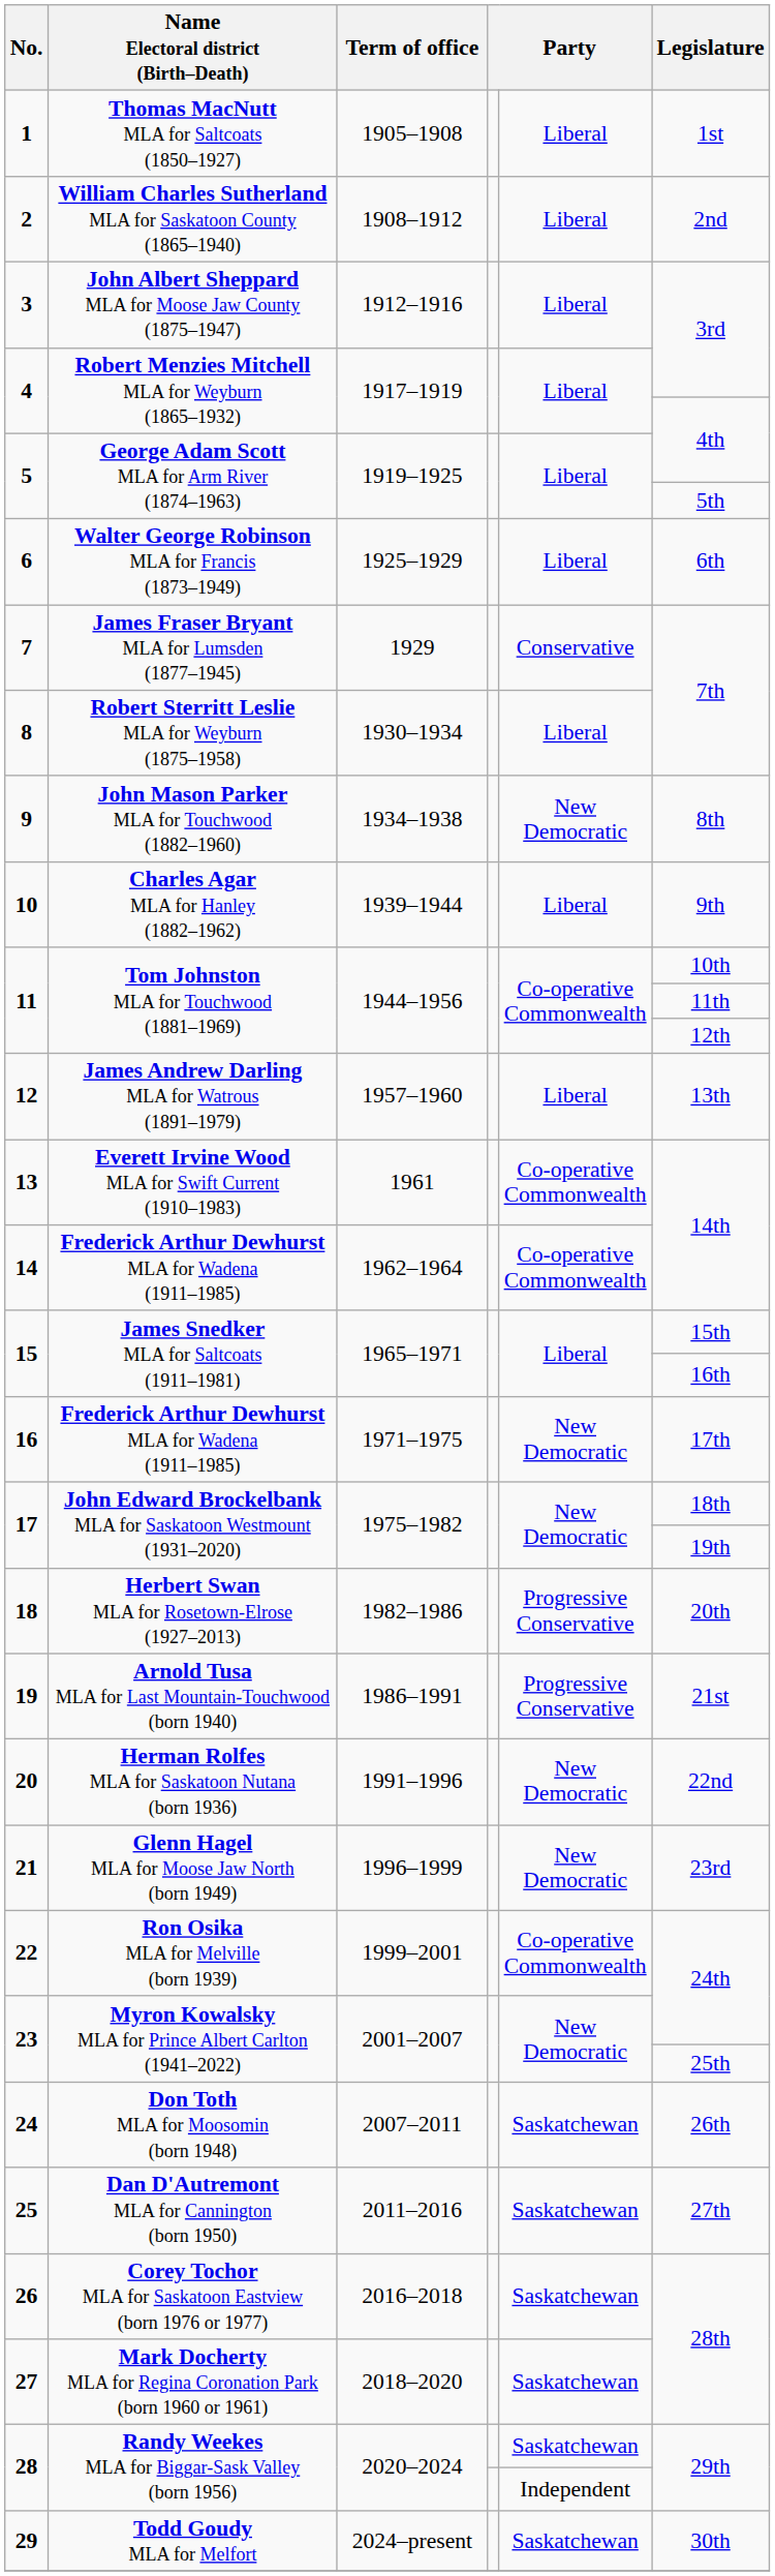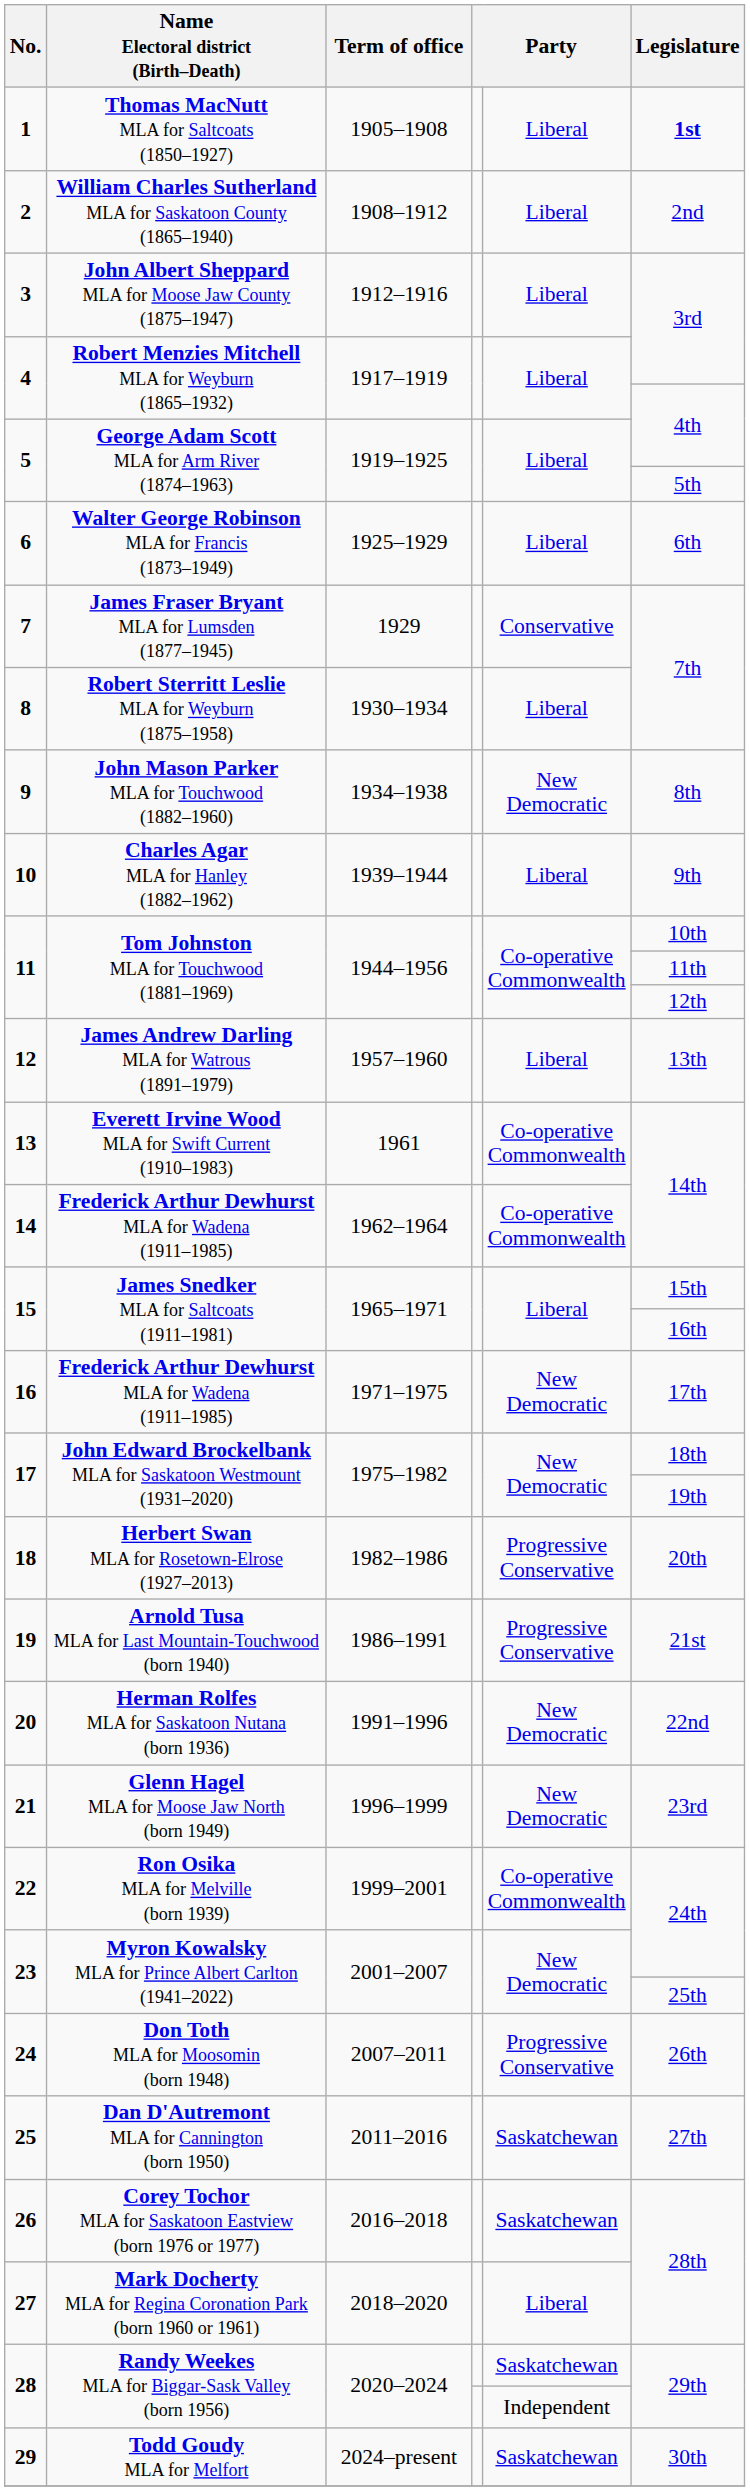 <table class="wikitable" style="text-align:center">
 <tr>
 <th>No.</th>
 <th scope="col" width="200px">Name<br><small>Electoral district<br>(Birth–Death)</small></th>
 <th scope="col" width="100px">Term of office</th>
 <th colspan="2">Party</th>
 <th>Legislature</th>
 </tr>
 <tr>
 <td><strong>1</strong></td>
 <td><strong><a href='#'>Thomas MacNutt</a></strong><br><small>MLA for <a href='#'>Saltcoats</a></small><br><small>(1850–1927)</small></td>
 <td>1905–1908</td>
 <td style="width:1px; background:"></td>
 <td width="100px"><a href='#'>Liberal</a></td>
-<td><a href='#'>1st</a></td>
+<td><strong><a href='#'>1st</a></strong></td>
 </tr>
 <tr>
 <td><strong>2</strong></td>
 <td><strong><a href='#'>William Charles Sutherland</a></strong><br><small>MLA for <a href='#'>Saskatoon County</a></small><br><small>(1865–1940)</small></td>
 <td>1908–1912</td>
 <td style="width:1px; background:"></td>
 <td><a href='#'>Liberal</a></td>
 <td><a href='#'>2nd</a></td>
 </tr>
 <tr>
 <td><strong>3</strong></td>
 <td><strong><a href='#'>John Albert Sheppard</a></strong><br><small>MLA for <a href='#'>Moose Jaw County</a></small><br><small>(1875–1947)</small></td>
 <td>1912–1916</td>
 <td style="width:1px; background:"></td>
 <td><a href='#'>Liberal</a></td>
 <td rowspan="2"><a href='#'>3rd</a></td>
 </tr>
 <tr style="height:35px">
 <td rowspan="2"><strong>4</strong></td>
 <td rowspan="2"><strong><a href='#'>Robert Menzies Mitchell</a></strong><br><small>MLA for <a href='#'>Weyburn</a></small><br><small>(1865–1932)</small></td>
 <td rowspan="2">1917–1919</td>
 <td rowspan="2" style="width:1px; background:"></td>
 <td rowspan="2"><a href='#'>Liberal</a></td>
 </tr>
 <tr>
 <td rowspan="2"><a href='#'>4th</a></td>
 </tr>
 <tr style="height:35px">
 <td rowspan="2"><strong>5</strong></td>
 <td rowspan="2"><strong><a href='#'>George Adam Scott</a></strong><br><small>MLA for <a href='#'>Arm River</a></small><br><small>(1874–1963)</small></td>
 <td rowspan="2">1919–1925</td>
 <td rowspan="2" style="width:1px; background:"></td>
 <td rowspan="2"><a href='#'>Liberal</a></td>
 </tr>
 <tr>
 <td><a href='#'>5th</a></td>
 </tr>
 <tr>
 <td><strong>6</strong></td>
 <td><strong><a href='#'>Walter George Robinson</a></strong><br><small>MLA for <a href='#'>Francis</a></small><br><small>(1873–1949)</small></td>
 <td>1925–1929</td>
 <td style="width:1px; background:"></td>
 <td><a href='#'>Liberal</a></td>
 <td><a href='#'>6th</a></td>
 </tr>
 <tr>
 <td><strong>7</strong></td>
 <td><strong><a href='#'>James Fraser Bryant</a></strong><br><small>MLA for <a href='#'>Lumsden</a></small><br><small>(1877–1945)</small></td>
 <td>1929</td>
 <td style="width:1px; background:"></td>
 <td><a href='#'>Conservative</a></td>
 <td rowspan="2"><a href='#'>7th</a></td>
 </tr>
 <tr>
 <td><strong>8</strong></td>
 <td><strong><a href='#'>Robert Sterritt Leslie</a></strong><br><small>MLA for <a href='#'>Weyburn</a></small><br><small>(1875–1958)</small></td>
 <td>1930–1934</td>
 <td style="width:1px; background:"></td>
 <td><a href='#'>Liberal</a></td>
 </tr>
 <tr>
 <td><strong>9</strong></td>
 <td><a href='#'><strong>John Mason Parker</strong></a><br><small>MLA for <a href='#'>Touchwood</a></small><br><small>(1882–1960)</small></td>
 <td>1934–1938</td>
 <td style="width:1px; background:"></td>
 <td><a href='#'>New Democratic</a></td>
 <td><a href='#'>8th</a></td>
 </tr>
 <tr>
 <td><strong>10</strong></td>
 <td><a href='#'><strong>Charles Agar</strong></a><br><small>MLA for <a href='#'>Hanley</a></small><br><small>(1882–1962)</small></td>
 <td>1939–1944</td>
 <td style="width:1px; background:"></td>
 <td><a href='#'>Liberal</a></td>
 <td><a href='#'>9th</a></td>
 </tr>
 <tr>
 <td rowspan="3"><strong>11</strong></td>
 <td rowspan="3"><a href='#'><strong>Tom Johnston</strong></a><br><small>MLA for <a href='#'>Touchwood</a></small><br><small>(1881–1969)</small></td>
 <td rowspan="3">1944–1956</td>
 <td rowspan="3" style="width:1px; background:"></td>
 <td rowspan="3"><a href='#'>Co-operative Commonwealth</a></td>
 <td><a href='#'>10th</a></td>
 </tr>
 <tr>
 <td><a href='#'>11th</a></td>
 </tr>
 <tr>
 <td><a href='#'>12th</a></td>
 </tr>
 <tr>
 <td><strong>12</strong></td>
 <td><strong><a href='#'>James Andrew Darling</a></strong><br><small>MLA for <a href='#'>Watrous</a></small><br><small>(1891–1979)</small></td>
 <td>1957–1960</td>
 <td style="width:1px; background:"></td>
 <td><a href='#'>Liberal</a></td>
 <td><a href='#'>13th</a></td>
 </tr>
 <tr>
 <td><strong>13</strong></td>
 <td><strong><a href='#'>Everett Irvine Wood</a></strong><br><small>MLA for <a href='#'>Swift Current</a></small><br><small>(1910–1983)</small></td>
 <td>1961</td>
 <td style="width:1px; background:"></td>
 <td><a href='#'>Co-operative Commonwealth</a></td>
 <td rowspan="2"><a href='#'>14th</a></td>
 </tr>
 <tr>
 <td><strong>14</strong></td>
 <td><strong><a href='#'>Frederick Arthur Dewhurst</a></strong><br><small>MLA for <a href='#'>Wadena</a></small><br><small>(1911–1985)</small></td>
 <td>1962–1964</td>
 <td style="width:1px; background:"></td>
 <td><a href='#'>Co-operative Commonwealth</a></td>
 </tr>
 <tr>
 <td rowspan="2"><strong>15</strong></td>
 <td rowspan="2"><strong><a href='#'>James Snedker</a></strong><br><small>MLA for <a href='#'>Saltcoats</a></small><br><small>(1911–1981)</small></td>
 <td rowspan="2">1965–1971</td>
 <td rowspan="2" style="width:1px; background:"></td>
 <td rowspan="2"><a href='#'>Liberal</a></td>
 <td><a href='#'>15th</a></td>
 </tr>
 <tr>
 <td><a href='#'>16th</a></td>
 </tr>
 <tr>
 <td><strong>16</strong></td>
 <td><strong><a href='#'>Frederick Arthur Dewhurst</a></strong><br><small>MLA for <a href='#'>Wadena</a></small><br><small>(1911–1985)</small></td>
 <td>1971–1975</td>
 <td style="width:1px; background:"></td>
 <td><a href='#'>New Democratic</a></td>
 <td><a href='#'>17th</a></td>
 </tr>
 <tr>
 <td rowspan="2"><strong>17</strong></td>
 <td rowspan="2"><strong><a href='#'>John Edward Brockelbank</a></strong><br><small>MLA for <a href='#'>Saskatoon Westmount</a></small><br><small>(1931–2020)</small></td>
 <td rowspan="2">1975–1982</td>
 <td rowspan="2" style="width:1px; background:"></td>
 <td rowspan="2"><a href='#'>New Democratic</a></td>
 <td><a href='#'>18th</a></td>
 </tr>
 <tr>
 <td><a href='#'>19th</a></td>
 </tr>
 <tr>
 <td><strong>18</strong></td>
 <td><a href='#'><strong>Herbert Swan</strong></a><br><small>MLA for <a href='#'>Rosetown-Elrose</a></small><br><small>(1927–2013)</small></td>
 <td>1982–1986</td>
 <td style="width:1px; background:"></td>
 <td><a href='#'>Progressive Conservative</a></td>
 <td><a href='#'>20th</a></td>
 </tr>
 <tr>
 <td><strong>19</strong></td>
 <td><strong><a href='#'>Arnold Tusa</a></strong><br><small>MLA for <a href='#'>Last Mountain-Touchwood</a></small><br><small>(born 1940)</small></td>
 <td>1986–1991</td>
 <td style="width:1px; background:"></td>
 <td><a href='#'>Progressive Conservative</a></td>
 <td><a href='#'>21st</a></td>
 </tr>
 <tr>
 <td><strong>20</strong></td>
 <td><strong><a href='#'>Herman Rolfes</a></strong><br><small>MLA for <a href='#'>Saskatoon Nutana</a></small><br><small>(born 1936)</small></td>
 <td>1991–1996</td>
 <td style="width:1px; background:"></td>
 <td><a href='#'>New Democratic</a></td>
 <td><a href='#'>22nd</a></td>
 </tr>
 <tr>
 <td><strong>21</strong></td>
 <td><strong><a href='#'>Glenn Hagel</a></strong><br><small>MLA for <a href='#'>Moose Jaw North</a></small><br><small>(born 1949)</small></td>
 <td>1996–1999</td>
 <td style="width:1px; background:"></td>
 <td><a href='#'>New Democratic</a></td>
 <td><a href='#'>23rd</a></td>
 </tr>
 <tr>
 <td><strong>22</strong></td>
 <td><strong><a href='#'>Ron Osika</a></strong><br><small>MLA for <a href='#'>Melville</a></small><br><small>(born 1939)</small></td>
 <td>1999–2001</td>
 <td style="width:1px; background:"></td>
 <td><a href='#'>Co-operative Commonwealth</a></td>
 <td rowspan="2"><a href='#'>24th</a></td>
 </tr>
 <tr style="height:35px">
 <td rowspan="2"><strong>23</strong></td>
 <td rowspan="2"><strong><a href='#'>Myron Kowalsky</a></strong><br><small>MLA for <a href='#'>Prince Albert Carlton</a></small><br><small>(1941–2022)</small></td>
 <td rowspan="2">2001–2007</td>
 <td rowspan="2" style="width:1px; background:"></td>
 <td rowspan="2"><a href='#'>New Democratic</a></td>
 </tr>
 <tr>
 <td><a href='#'>25th</a></td>
 </tr>
 <tr>
 <td><strong>24</strong></td>
 <td><strong><a href='#'>Don Toth</a></strong><br><small>MLA for <a href='#'>Moosomin</a></small><br><small>(born 1948)</small></td>
 <td>2007–2011</td>
 <td style="width:1px; background:"></td>
-<td><a href='#'>Saskatchewan</a></td>
+<td><a href='#'>Progressive Conservative</a></td>
 <td><a href='#'>26th</a></td>
 </tr>
 <tr>
 <td><strong>25</strong></td>
 <td><strong><a href='#'>Dan D'Autremont</a></strong><br><small>MLA for <a href='#'>Cannington</a></small><br><small>(born 1950)</small></td>
 <td>2011–2016</td>
 <td style="width:1px; background:"></td>
 <td><a href='#'>Saskatchewan</a></td>
 <td><a href='#'>27th</a></td>
 </tr>
 <tr>
 <td><strong>26</strong></td>
 <td><strong><a href='#'>Corey Tochor</a></strong><br><small>MLA for <a href='#'>Saskatoon Eastview</a></small><br><small>(born 1976 or 1977)</small></td>
 <td>2016–2018</td>
 <td style="width:1px; background:"></td>
 <td><a href='#'>Saskatchewan</a></td>
 <td rowspan="2"><a href='#'>28th</a></td>
 </tr>
 <tr>
 <td><strong>27</strong></td>
 <td><a href='#'><strong>Mark Docherty</strong></a><br><small>MLA for <a href='#'>Regina Coronation Park</a></small><br><small>(born 1960 or 1961)</small></td>
 <td>2018–2020</td>
 <td style="width:1px; background:"></td>
-<td><a href='#'>Saskatchewan</a></td>
+<td><a href='#'>Liberal</a></td>
 </tr>
 <tr>
 <td rowspan="2"><strong>28</strong></td>
 <td rowspan="2"><strong><a href='#'>Randy Weekes</a></strong><br><small>MLA for <a href='#'>Biggar-Sask Valley</a></small><br><small>(born 1956)</small></td>
 <td rowspan="2">2020–2024</td>
 <td style="width:1px; background:"></td>
 <td><a href='#'>Saskatchewan</a></td>
 <td rowspan="2"><a href='#'>29th</a></td>
 </tr>
 <tr>
 <td style="background:"></td>
 <td>Independent</td>
 </tr>
 <tr>
 <td><strong>29</strong></td>
 <td><strong><a href='#'>Todd Goudy</a></strong><br><small>MLA for <a href='#'>Melfort</a></small></td>
 <td>2024–present</td>
 <td style="width:1px; background:"></td>
 <td><a href='#'>Saskatchewan</a></td>
 <td><a href='#'>30th</a></td>
 </tr>
 <tr>
 </tr>
 </table>
